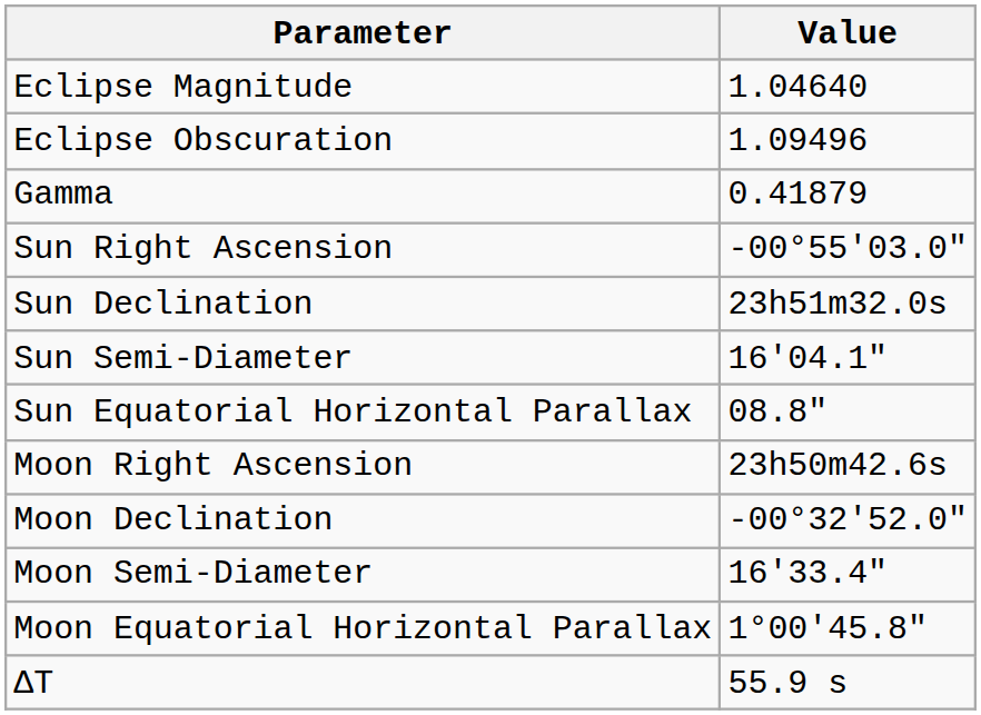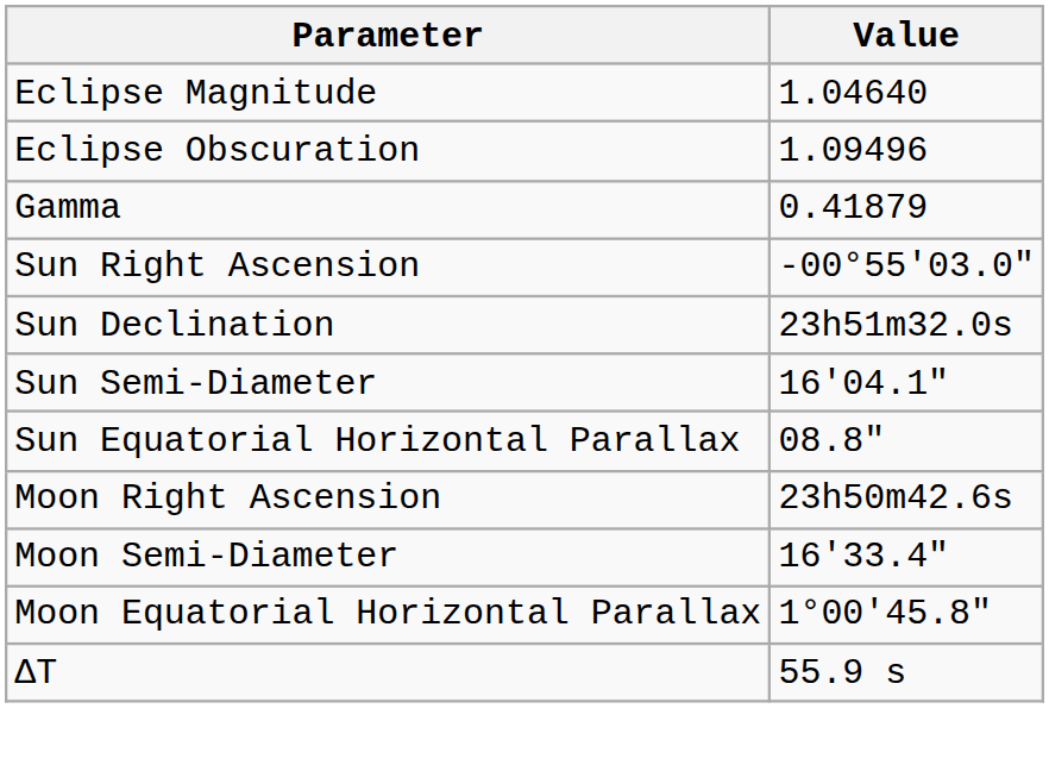 <table class="wikitable">
 <tr>
 <th>Parameter</th>
 <th>Value</th>
 </tr>
 <tr>
 <td>Eclipse Magnitude</td>
 <td>1.04640</td>
 </tr>
 <tr>
 <td>Eclipse Obscuration</td>
 <td>1.09496</td>
 </tr>
 <tr>
 <td>Gamma</td>
 <td>0.41879</td>
 </tr>
 <tr>
 <td>Sun Right Ascension</td>
 <td>-00°55'03.0"</td>
 </tr>
 <tr>
 <td>Sun Declination</td>
 <td>23h51m32.0s</td>
 </tr>
 <tr>
 <td>Sun Semi-Diameter</td>
 <td>16'04.1"</td>
 </tr>
 <tr>
 <td>Sun Equatorial Horizontal Parallax</td>
 <td>08.8"</td>
 </tr>
 <tr>
 <td>Moon Right Ascension</td>
 <td>23h50m42.6s</td>
 </tr>
 <tr>
-<td>Moon Declination</td>
-<td>-00°32'52.0"</td>
-</tr>
-<tr>
 <td>Moon Semi-Diameter</td>
 <td>16'33.4"</td>
 </tr>
 <tr>
 <td>Moon Equatorial Horizontal Parallax</td>
 <td>1°00'45.8"</td>
 </tr>
 <tr>
 <td>ΔT</td>
 <td>55.9 s</td>
 </tr>
 </table>
